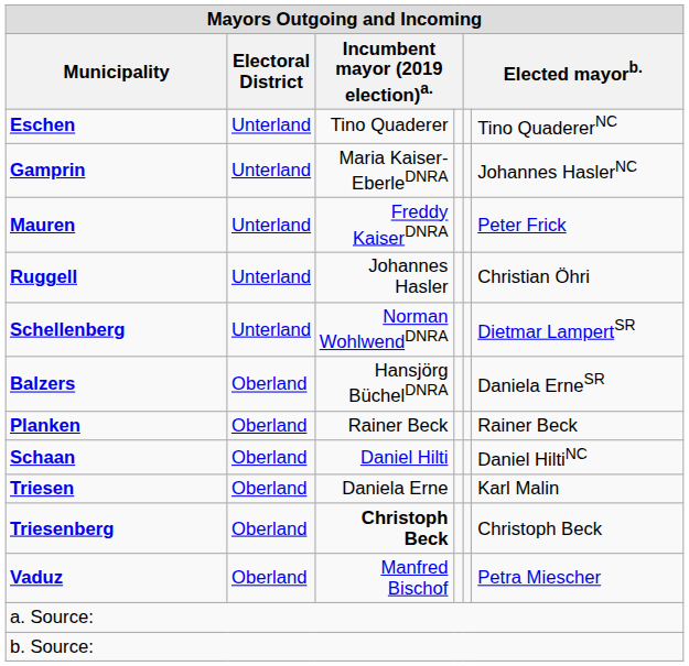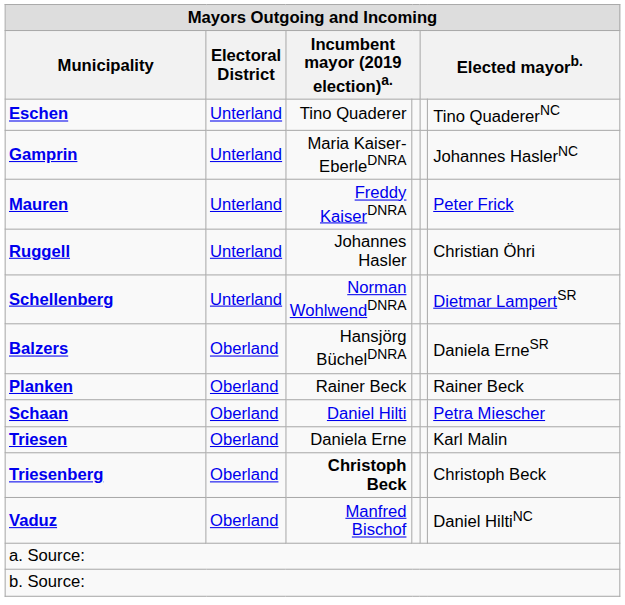 <table class="wikitable" style="margin-left:1em;">
 <tr>
 <td colspan="6" style="background:#dddddd; text-align:center;"><strong>Mayors Outgoing and Incoming</strong></td>
 </tr>
 <tr>
 <th style="width:190px;">Municipality</th>
 <th>Electoral District</th>
 <th colspan="2">Incumbent mayor (2019 election)<sup>a.</sup></th>
 <th colspan="2">Elected mayor<sup>b.</sup></th>
 </tr>
 <tr>
 <td> <strong><a href='#'>Eschen</a></strong></td>
 <td><a href='#'>Unterland</a></td>
 <td style="text-align:right; padding-right:5px;">Tino Quaderer</td>
 <td style="color:inherit;background:"></td>
 <td style="color:inherit;background:"></td>
 <td style="width:180px; padding-left:5px;">Tino Quaderer<sup>NC</sup></td>
 </tr>
 <tr>
 <td> <strong><a href='#'>Gamprin</a></strong></td>
 <td><a href='#'>Unterland</a></td>
 <td style="text-align:right; padding-right:5px;">Maria Kaiser-Eberle<sup>DNRA</sup></td>
 <td style="color:inherit;background:"></td>
 <td style="color:inherit;background:"></td>
 <td style="width:180px; padding-left:5px;">Johannes Hasler<sup>NC</sup></td>
 </tr>
 <tr>
 <td> <strong><a href='#'>Mauren</a></strong></td>
 <td><a href='#'>Unterland</a></td>
 <td style="text-align:right; padding-right:5px;"><a href='#'>Freddy Kaiser</a><sup>DNRA</sup></td>
 <td style="color:inherit;background:"></td>
 <td style="color:inherit;background:"></td>
 <td style="width:180px; padding-left:5px;"><a href='#'>Peter Frick</a></td>
 </tr>
 <tr>
 <td> <strong><a href='#'>Ruggell</a></strong></td>
 <td><a href='#'>Unterland</a></td>
 <td style="text-align:right; padding-right:5px;">Johannes Hasler</td>
 <td style="color:inherit;background:"></td>
 <td style="color:inherit;background:"></td>
 <td style="width:180px; padding-left:5px;">Christian Öhri</td>
 </tr>
 <tr>
 <td>  <strong><a href='#'>Schellenberg</a></strong></td>
 <td><a href='#'>Unterland</a></td>
 <td style="text-align:right; padding-right:5px;"><a href='#'>Norman Wohlwend</a><sup>DNRA</sup></td>
 <td style="color:inherit;background:"></td>
 <td style="color:inherit;background:"></td>
 <td style="width:180px; padding-left:5px;"><a href='#'>Dietmar Lampert</a><sup>SR</sup></td>
 </tr>
 <tr>
 <td> <strong><a href='#'>Balzers</a></strong></td>
 <td><a href='#'>Oberland</a></td>
 <td style="text-align:right; padding-right:5px;">Hansjörg Büchel<sup>DNRA</sup></td>
 <td style="color:inherit;background:"></td>
 <td style="color:inherit;background:"></td>
 <td style="width:180px; padding-left:5px;">Daniela Erne<sup>SR</sup></td>
 </tr>
 <tr>
 <td> <strong><a href='#'>Planken</a></strong></td>
 <td><a href='#'>Oberland</a></td>
 <td style="text-align:right; padding-right:5px;">Rainer Beck</td>
 <td style="color:inherit;background:"></td>
 <td style="color:inherit;background:"></td>
 <td style="width:180px; padding-left:5px;">Rainer Beck</td>
 </tr>
 <tr>
 <td> <strong><a href='#'>Schaan</a></strong></td>
 <td><a href='#'>Oberland</a></td>
 <td style="text-align:right; padding-right:5px;"><a href='#'>Daniel Hilti</a></td>
 <td style="color:inherit;background:"></td>
 <td style="color:inherit;background:"></td>
-<td style="width:180px; padding-left:5px;">Daniel Hilti<sup>NC</sup></td>
+<td style="width:180px; padding-left:5px;"><a href='#'>Petra Miescher</a></td>
 </tr>
 <tr>
 <td> <strong><a href='#'>Triesen</a></strong></td>
 <td><a href='#'>Oberland</a></td>
 <td style="text-align:right; padding-right:5px;">Daniela Erne</td>
 <td style="color:inherit;background:"></td>
 <td style="color:inherit;background:"></td>
 <td style="width:180px; padding-left:5px;">Karl Malin</td>
 </tr>
 <tr>
 <td> <strong><a href='#'>Triesenberg</a></strong></td>
 <td><a href='#'>Oberland</a></td>
 <td style="text-align:right; padding-right:5px;"><strong>Christoph Beck</strong></td>
 <td style="color:inherit;background:"></td>
 <td style="color:inherit;background:"></td>
 <td style="width:180px; padding-left:5px;">Christoph Beck</td>
 </tr>
 <tr>
 <td> <strong><a href='#'>Vaduz</a></strong></td>
 <td><a href='#'>Oberland</a></td>
 <td style="text-align:right; padding-right:5px;"><a href='#'>Manfred Bischof</a></td>
 <td style="color:inherit;background:"></td>
 <td style="color:inherit;background:"></td>
-<td style="width:180px; padding-left:5px;"><a href='#'>Petra Miescher</a></td>
+<td style="width:180px; padding-left:5px;">Daniel Hilti<sup>NC</sup></td>
 </tr>
 <tr>
 <td colspan="10" style="text-align:left"><span>a. Source: </span></td>
 </tr>
 <tr>
 <td colspan="10" style="text-align:left"><span>b. Source: </span></td>
 </tr>
 </table>
